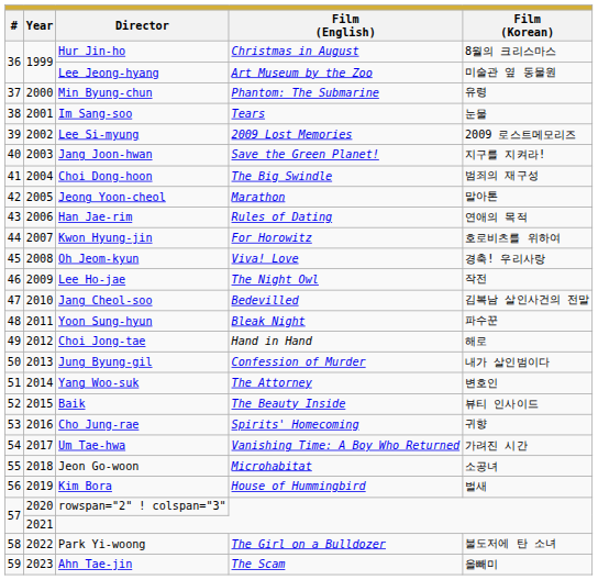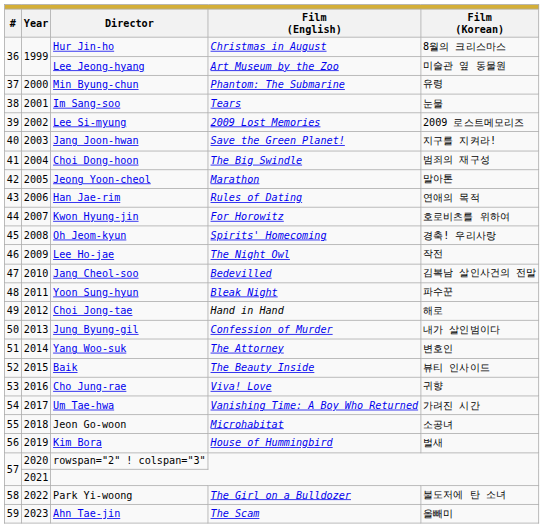 <table class="wikitable collapsible collapsed">
 <tr>
 <th colspan="5" style="background: #D4AF37;"></th>
 </tr>
 <tr>
 <th>#</th>
 <th>Year</th>
 <th>Director</th>
 <th>Film<br>(English)</th>
 <th>Film<br>(Korean)</th>
 </tr>
 <tr>
 <td rowspan="2">36</td>
 <td rowspan="2">1999</td>
 <td><a href='#'>Hur Jin-ho</a></td>
 <td><em><a href='#'>Christmas in August</a></em></td>
 <td>8월의 크리스마스</td>
 </tr>
 <tr>
 <td><a href='#'>Lee Jeong-hyang</a></td>
 <td><em><a href='#'>Art Museum by the Zoo</a></em></td>
 <td>미술관 옆 동물원</td>
 </tr>
 <tr>
 <td>37</td>
 <td>2000</td>
 <td><a href='#'>Min Byung-chun</a></td>
 <td><em><a href='#'>Phantom: The Submarine</a></em></td>
 <td>유령</td>
 </tr>
 <tr>
 <td>38</td>
 <td>2001</td>
 <td><a href='#'>Im Sang-soo</a></td>
 <td><em><a href='#'>Tears</a></em></td>
 <td>눈물</td>
 </tr>
 <tr>
 <td>39</td>
 <td>2002</td>
 <td><a href='#'>Lee Si-myung</a></td>
 <td><em><a href='#'>2009 Lost Memories</a></em></td>
 <td>2009 로스트메모리즈</td>
 </tr>
 <tr>
 <td>40</td>
 <td>2003</td>
 <td><a href='#'>Jang Joon-hwan</a></td>
 <td><em><a href='#'>Save the Green Planet!</a></em></td>
 <td>지구를 지켜라!</td>
 </tr>
 <tr>
 <td>41</td>
 <td>2004</td>
 <td><a href='#'>Choi Dong-hoon</a></td>
 <td><em><a href='#'>The Big Swindle</a></em></td>
 <td>범죄의 재구성</td>
 </tr>
 <tr>
 <td>42</td>
 <td>2005</td>
 <td><a href='#'>Jeong Yoon-cheol</a></td>
 <td><em><a href='#'>Marathon</a></em></td>
 <td>말아톤</td>
 </tr>
 <tr>
 <td>43</td>
 <td>2006</td>
 <td><a href='#'>Han Jae-rim</a></td>
 <td><em><a href='#'>Rules of Dating</a></em></td>
 <td>연애의 목적</td>
 </tr>
 <tr>
 <td>44</td>
 <td>2007</td>
 <td><a href='#'>Kwon Hyung-jin</a></td>
 <td><em><a href='#'>For Horowitz</a></em></td>
 <td>호로비츠를 위하여</td>
 </tr>
 <tr>
 <td>45</td>
 <td>2008</td>
 <td><a href='#'>Oh Jeom-kyun</a></td>
-<td><em><a href='#'>Viva! Love</a></em></td>
+<td><em><a href='#'>Spirits' Homecoming</a></em></td>
 <td>경축! 우리사랑</td>
 </tr>
 <tr>
 <td>46</td>
 <td>2009</td>
 <td><a href='#'>Lee Ho-jae</a></td>
 <td><em><a href='#'>The Night Owl</a></em></td>
 <td>작전</td>
 </tr>
 <tr>
 <td>47</td>
 <td>2010</td>
 <td><a href='#'>Jang Cheol-soo</a></td>
 <td><em><a href='#'>Bedevilled</a></em></td>
 <td>김복남 살인사건의 전말</td>
 </tr>
 <tr>
 <td>48</td>
 <td>2011</td>
 <td><a href='#'>Yoon Sung-hyun</a></td>
 <td><em><a href='#'>Bleak Night</a></em></td>
 <td>파수꾼</td>
 </tr>
 <tr>
 <td>49</td>
 <td>2012</td>
 <td><a href='#'>Choi Jong-tae</a></td>
 <td><em>Hand in Hand</em></td>
 <td>해로</td>
 </tr>
 <tr>
 <td>50</td>
 <td>2013</td>
 <td><a href='#'>Jung Byung-gil</a></td>
 <td><em><a href='#'>Confession of Murder</a></em></td>
 <td>내가 살인범이다</td>
 </tr>
 <tr>
 <td>51</td>
 <td>2014</td>
 <td><a href='#'>Yang Woo-suk</a></td>
 <td><em><a href='#'>The Attorney</a></em></td>
 <td>변호인</td>
 </tr>
 <tr>
 <td>52</td>
 <td>2015</td>
 <td><a href='#'>Baik</a></td>
 <td><em><a href='#'>The Beauty Inside</a></em></td>
 <td>뷰티 인사이드</td>
 </tr>
 <tr>
 <td>53</td>
 <td>2016</td>
 <td><a href='#'>Cho Jung-rae</a></td>
-<td><em><a href='#'>Spirits' Homecoming</a></em></td>
+<td><em><a href='#'>Viva! Love</a></em></td>
 <td>귀향</td>
 </tr>
 <tr>
 <td>54</td>
 <td>2017</td>
 <td><a href='#'>Um Tae-hwa</a></td>
 <td><em><a href='#'>Vanishing Time: A Boy Who Returned</a></em></td>
 <td>가려진 시간</td>
 </tr>
 <tr>
 <td>55</td>
 <td>2018</td>
 <td>Jeon Go-woon</td>
 <td><em><a href='#'>Microhabitat</a></em></td>
 <td>소공녀</td>
 </tr>
 <tr>
 <td>56</td>
 <td>2019</td>
 <td><a href='#'>Kim Bora</a></td>
 <td><em><a href='#'>House of Hummingbird</a></em></td>
 <td>벌새</td>
 </tr>
 <tr>
 <td rowspan="2">57</td>
 <td>2020</td>
 <td>rowspan="2" ! colspan="3" </td>
 </tr>
 <tr>
 <td>2021</td>
 </tr>
 <tr>
 <td>58</td>
 <td>2022</td>
 <td>Park Yi-woong</td>
 <td><em><a href='#'>The Girl on a Bulldozer</a></em></td>
 <td>불도저에 탄 소녀</td>
 </tr>
 <tr>
 <td>59</td>
 <td>2023</td>
 <td><a href='#'>Ahn Tae-jin</a></td>
 <td><em><a href='#'>The Scam</a></em></td>
 <td>올빼미</td>
 </tr>
 </table>
